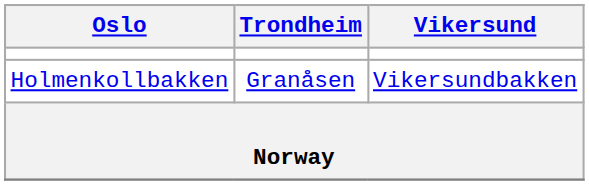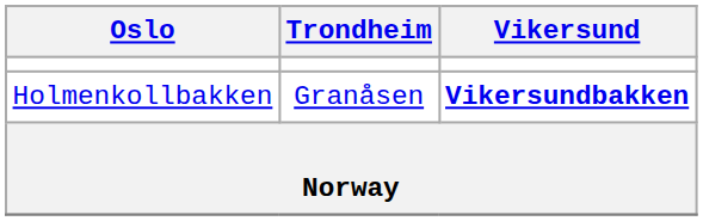 <table class="wikitable plainrowheaders" style="background:#fff; font-size:86%; line-height:16px; border:grey solid 1px; border-collapse:collapse;">
 <tr>
 <th> <a href='#'>Oslo</a></th>
 <th> <a href='#'>Trondheim</a></th>
 <th> <a href='#'>Vikersund</a></th>
 </tr>
 <tr>
 <td align=center></td>
 <td align=center></td>
 <td align=center></td>
 </tr>
 <tr>
 <td align=center><a href='#'>Holmenkollbakken</a></td>
 <td align=center><a href='#'>Granåsen</a></td>
-<td align=center><a href='#'>Vikersundbakken</a></td>
+<td align=center><strong><a href='#'>Vikersundbakken</a></strong></td>
 </tr>
 <tr>
 <th colspan="5"><br>Norway </th>
 </tr>
 <tr>
 </tr>
 </table>
